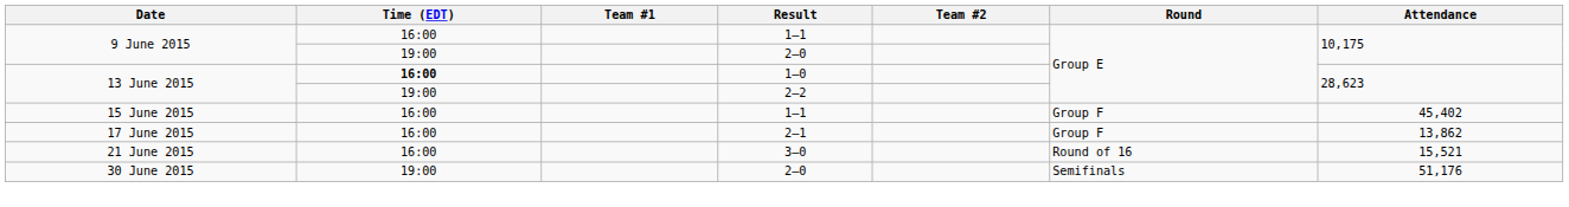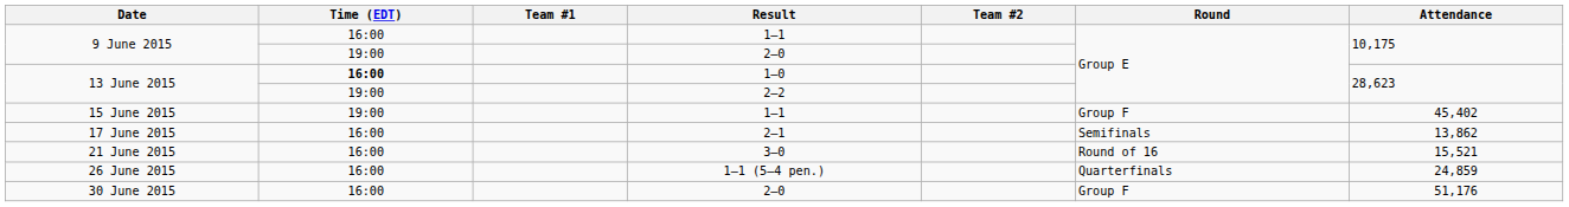 <table class="wikitable"  style="text-align:left; width:85%;">
 <tr>
 <th>Date</th>
 <th>Time (<a href='#'>EDT</a>)</th>
 <th>Team #1</th>
 <th>Result</th>
 <th>Team #2</th>
 <th>Round</th>
 <th>Attendance</th>
 </tr>
 <tr>
 <td rowspan=2, style="text-align:center">9 June 2015</td>
 <td style="text-align:center;">16:00</td>
 <td></td>
 <td style="text-align:center;">1–1</td>
 <td></td>
 <td rowspan=4>Group E</td>
 <td rowspan=2>10,175</td>
 </tr>
 <tr>
 <td style="text-align:center;">19:00</td>
 <td></td>
 <td style="text-align:center;">2–0</td>
 <td></td>
 </tr>
 <tr>
 <td rowspan=2, style="text-align:center">13 June 2015</td>
 <td style="text-align:center;"><strong>16:00</strong></td>
 <td></td>
 <td style="text-align:center;">1–0</td>
 <td></td>
 <td rowspan=2>28,623</td>
 </tr>
 <tr>
 <td style="text-align:center;">19:00</td>
 <td></td>
 <td style="text-align:center;">2–2</td>
 <td></td>
 </tr>
 <tr>
 <td style="text-align:center;">15 June 2015</td>
-<td style="text-align:center;">16:00</td>
+<td style="text-align:center;">19:00</td>
 <td></td>
 <td style="text-align:center;">1–1</td>
 <td></td>
 <td>Group F</td>
 <td style="text-align:center;">45,402</td>
 </tr>
 <tr>
 <td style="text-align:center;">17 June 2015</td>
 <td style="text-align:center;">16:00</td>
 <td></td>
 <td style="text-align:center;">2–1</td>
 <td></td>
-<td>Group F</td>
+<td>Semifinals</td>
 <td style="text-align:center;">13,862</td>
 </tr>
 <tr>
 <td style="text-align:center;">21 June 2015</td>
 <td style="text-align:center;">16:00</td>
 <td></td>
 <td style="text-align:center;">3–0</td>
 <td></td>
 <td>Round of 16</td>
 <td style="text-align:center;">15,521</td>
 </tr>
 <tr>
+<td style="text-align:center;">26 June 2015</td>
+<td style="text-align:center;">16:00</td>
+<td></td>
+<td style="text-align:center;">1–1 (5–4 pen.)</td>
+<td></td>
+<td>Quarterfinals</td>
+<td style="text-align:center;">24,859</td>
+</tr>
+<tr>
 <td style="text-align:center;">30 June 2015</td>
-<td style="text-align:center;">19:00</td>
+<td style="text-align:center;">16:00</td>
 <td></td>
 <td style="text-align:center;">2–0</td>
 <td></td>
-<td>Semifinals</td>
+<td>Group F</td>
 <td style="text-align:center;">51,176</td>
 </tr>
 </table>
